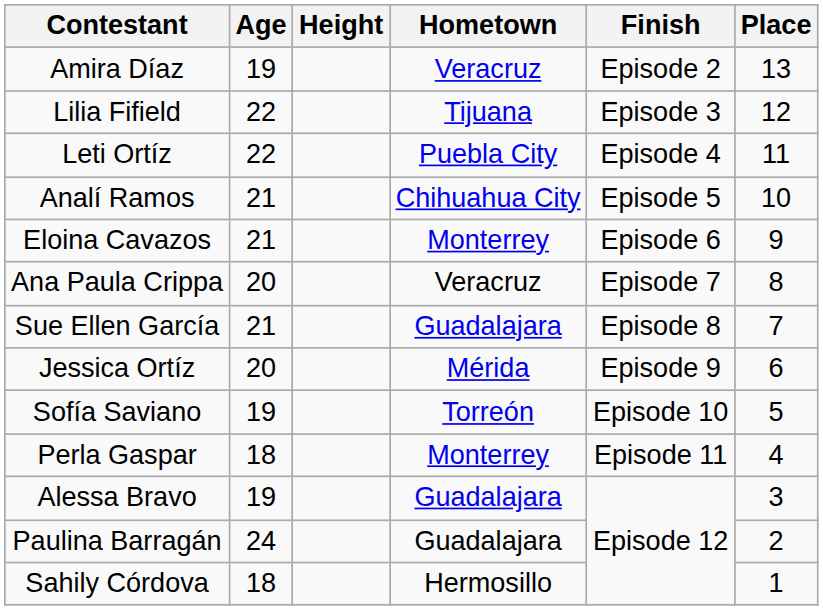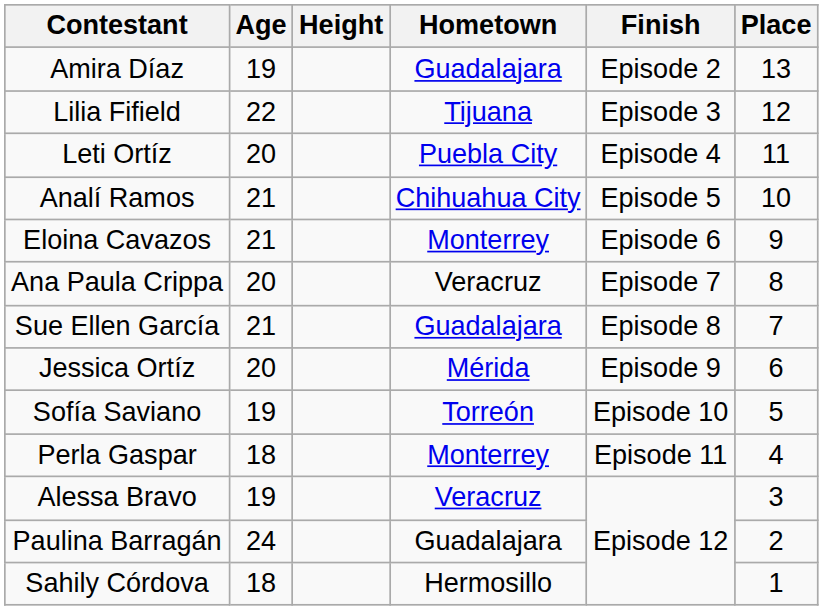 <table class="wikitable sortable" style="text-align:center;">
 <tr>
 <th>Contestant</th>
 <th>Age</th>
 <th>Height</th>
 <th>Hometown</th>
 <th>Finish</th>
 <th>Place</th>
 </tr>
 <tr>
 <td>Amira Díaz</td>
 <td>19</td>
 <td></td>
-<td><a href='#'>Veracruz</a></td>
+<td><a href='#'>Guadalajara</a></td>
 <td>Episode 2</td>
 <td>13</td>
 </tr>
 <tr>
 <td>Lilia Fifield</td>
 <td>22</td>
 <td></td>
 <td><a href='#'>Tijuana</a></td>
 <td>Episode 3</td>
 <td>12</td>
 </tr>
 <tr>
 <td>Leti Ortíz</td>
-<td>22</td>
+<td>20</td>
 <td></td>
 <td><a href='#'>Puebla City</a></td>
 <td>Episode 4</td>
 <td>11</td>
 </tr>
 <tr>
 <td>Analí Ramos</td>
 <td>21</td>
 <td></td>
 <td><a href='#'>Chihuahua City</a></td>
 <td>Episode 5</td>
 <td>10</td>
 </tr>
 <tr>
 <td>Eloina Cavazos</td>
 <td>21</td>
 <td></td>
 <td><a href='#'>Monterrey</a></td>
 <td>Episode 6</td>
 <td>9</td>
 </tr>
 <tr>
 <td>Ana Paula Crippa</td>
 <td>20</td>
 <td></td>
 <td>Veracruz</td>
 <td>Episode 7</td>
 <td>8</td>
 </tr>
 <tr>
 <td>Sue Ellen García</td>
 <td>21</td>
 <td></td>
 <td><a href='#'>Guadalajara</a></td>
 <td>Episode 8</td>
 <td>7</td>
 </tr>
 <tr>
 <td>Jessica Ortíz</td>
 <td>20</td>
 <td></td>
 <td><a href='#'>Mérida</a></td>
 <td>Episode 9</td>
 <td>6</td>
 </tr>
 <tr>
 <td>Sofía Saviano</td>
 <td>19</td>
 <td></td>
 <td><a href='#'>Torreón</a></td>
 <td>Episode 10</td>
 <td>5</td>
 </tr>
 <tr>
 <td>Perla Gaspar</td>
 <td>18</td>
 <td></td>
 <td><a href='#'>Monterrey</a></td>
 <td>Episode 11</td>
 <td>4</td>
 </tr>
 <tr>
 <td>Alessa Bravo</td>
 <td>19</td>
 <td></td>
-<td><a href='#'>Guadalajara</a></td>
+<td><a href='#'>Veracruz</a></td>
 <td rowspan="3">Episode 12</td>
 <td>3</td>
 </tr>
 <tr>
 <td>Paulina Barragán</td>
 <td>24</td>
 <td></td>
 <td>Guadalajara</td>
 <td>2</td>
 </tr>
 <tr>
 <td>Sahily Córdova</td>
 <td>18</td>
 <td></td>
 <td>Hermosillo</td>
 <td>1</td>
 </tr>
 </table>
